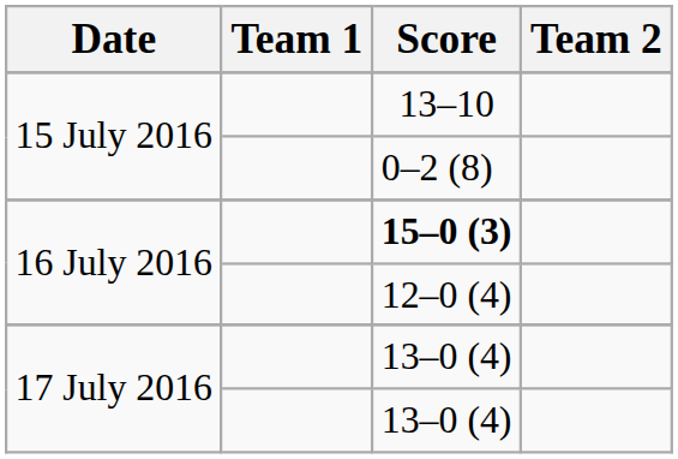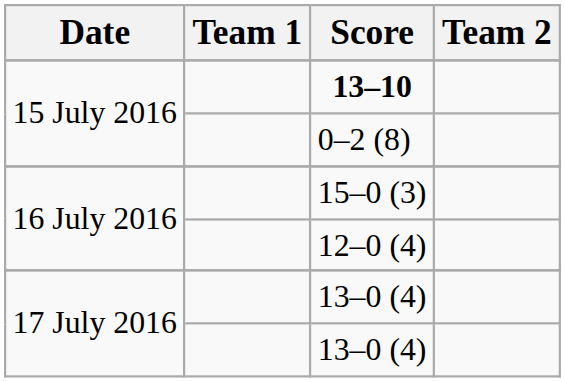 <table class="wikitable">
 <tr>
 <th>Date</th>
 <th>Team 1</th>
 <th>Score</th>
 <th>Team 2</th>
 </tr>
 <tr>
 </tr>
 <tr style=font-size:90%>
 <td rowspan=2>15 July 2016</td>
 <td></td>
-<td align="center">13–10</td>
+<td align="center"><strong>13–10</strong></td>
 <td></td>
 </tr>
 <tr style=font-size:90%>
 <td></td>
 <td>0–2 (8)</td>
 <td></td>
 </tr>
 <tr>
 </tr>
 <tr style=font-size:90%>
 <td rowspan=2>16 July 2016</td>
 <td></td>
-<td><strong>15–0 (3)</strong></td>
+<td>15–0 (3)</td>
 <td></td>
 </tr>
 <tr style=font-size:90%>
 <td></td>
 <td>12–0 (4)</td>
 <td></td>
 </tr>
 <tr>
 </tr>
 <tr style=font-size:90%>
 <td rowspan=2>17 July 2016</td>
 <td></td>
 <td>13–0 (4)</td>
 <td></td>
 </tr>
 <tr style=font-size:90%>
 <td></td>
 <td>13–0 (4)</td>
 <td></td>
 </tr>
 </table>
